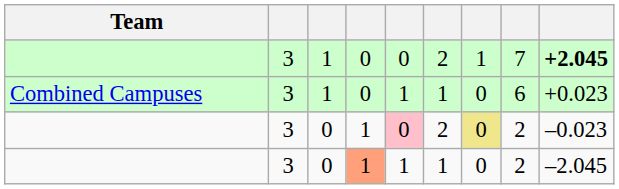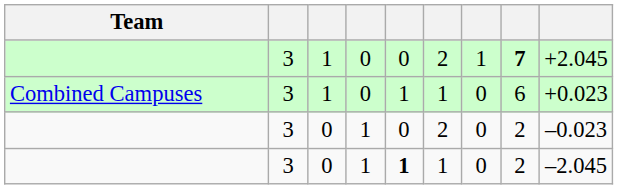 <table class="wikitable" style="text-align:center">
 <tr>
 <th width=180>Team</th>
 <th width=20></th>
 <th width=20></th>
 <th width=20></th>
 <th width=20></th>
 <th width=20></th>
 <th width=20></th>
 <th width=20></th>
 <th width=45></th>
 </tr>
 <tr style="background:#cfc">
 <td align="left"></td>
 <td>3</td>
 <td>1</td>
 <td>0</td>
 <td>0</td>
 <td>2</td>
 <td>1</td>
-<td>7</td>
-<td><strong>+2.045</strong></td>
+<td><strong>7</strong></td>
+<td>+2.045</td>
 </tr>
 <tr style="background:#cfc">
 <td align="left"> <a href='#'>Combined Campuses</a></td>
 <td>3</td>
 <td>1</td>
 <td>0</td>
 <td>1</td>
 <td>1</td>
 <td>0</td>
 <td>6</td>
 <td>+0.023</td>
 </tr>
 <tr>
 <td align="left"></td>
 <td>3</td>
 <td>0</td>
 <td>1</td>
-<td style="background: pink;">0</td>
+<td>0</td>
 <td>2</td>
-<td style="background: khaki;">0</td>
+<td>0</td>
 <td>2</td>
 <td>–0.023</td>
 </tr>
 <tr>
 <td align="left"></td>
 <td>3</td>
 <td>0</td>
-<td style="background: lightsalmon;">1</td>
 <td>1</td>
+<td><strong>1</strong></td>
 <td>1</td>
 <td>0</td>
 <td>2</td>
 <td>–2.045</td>
 </tr>
 </table>
